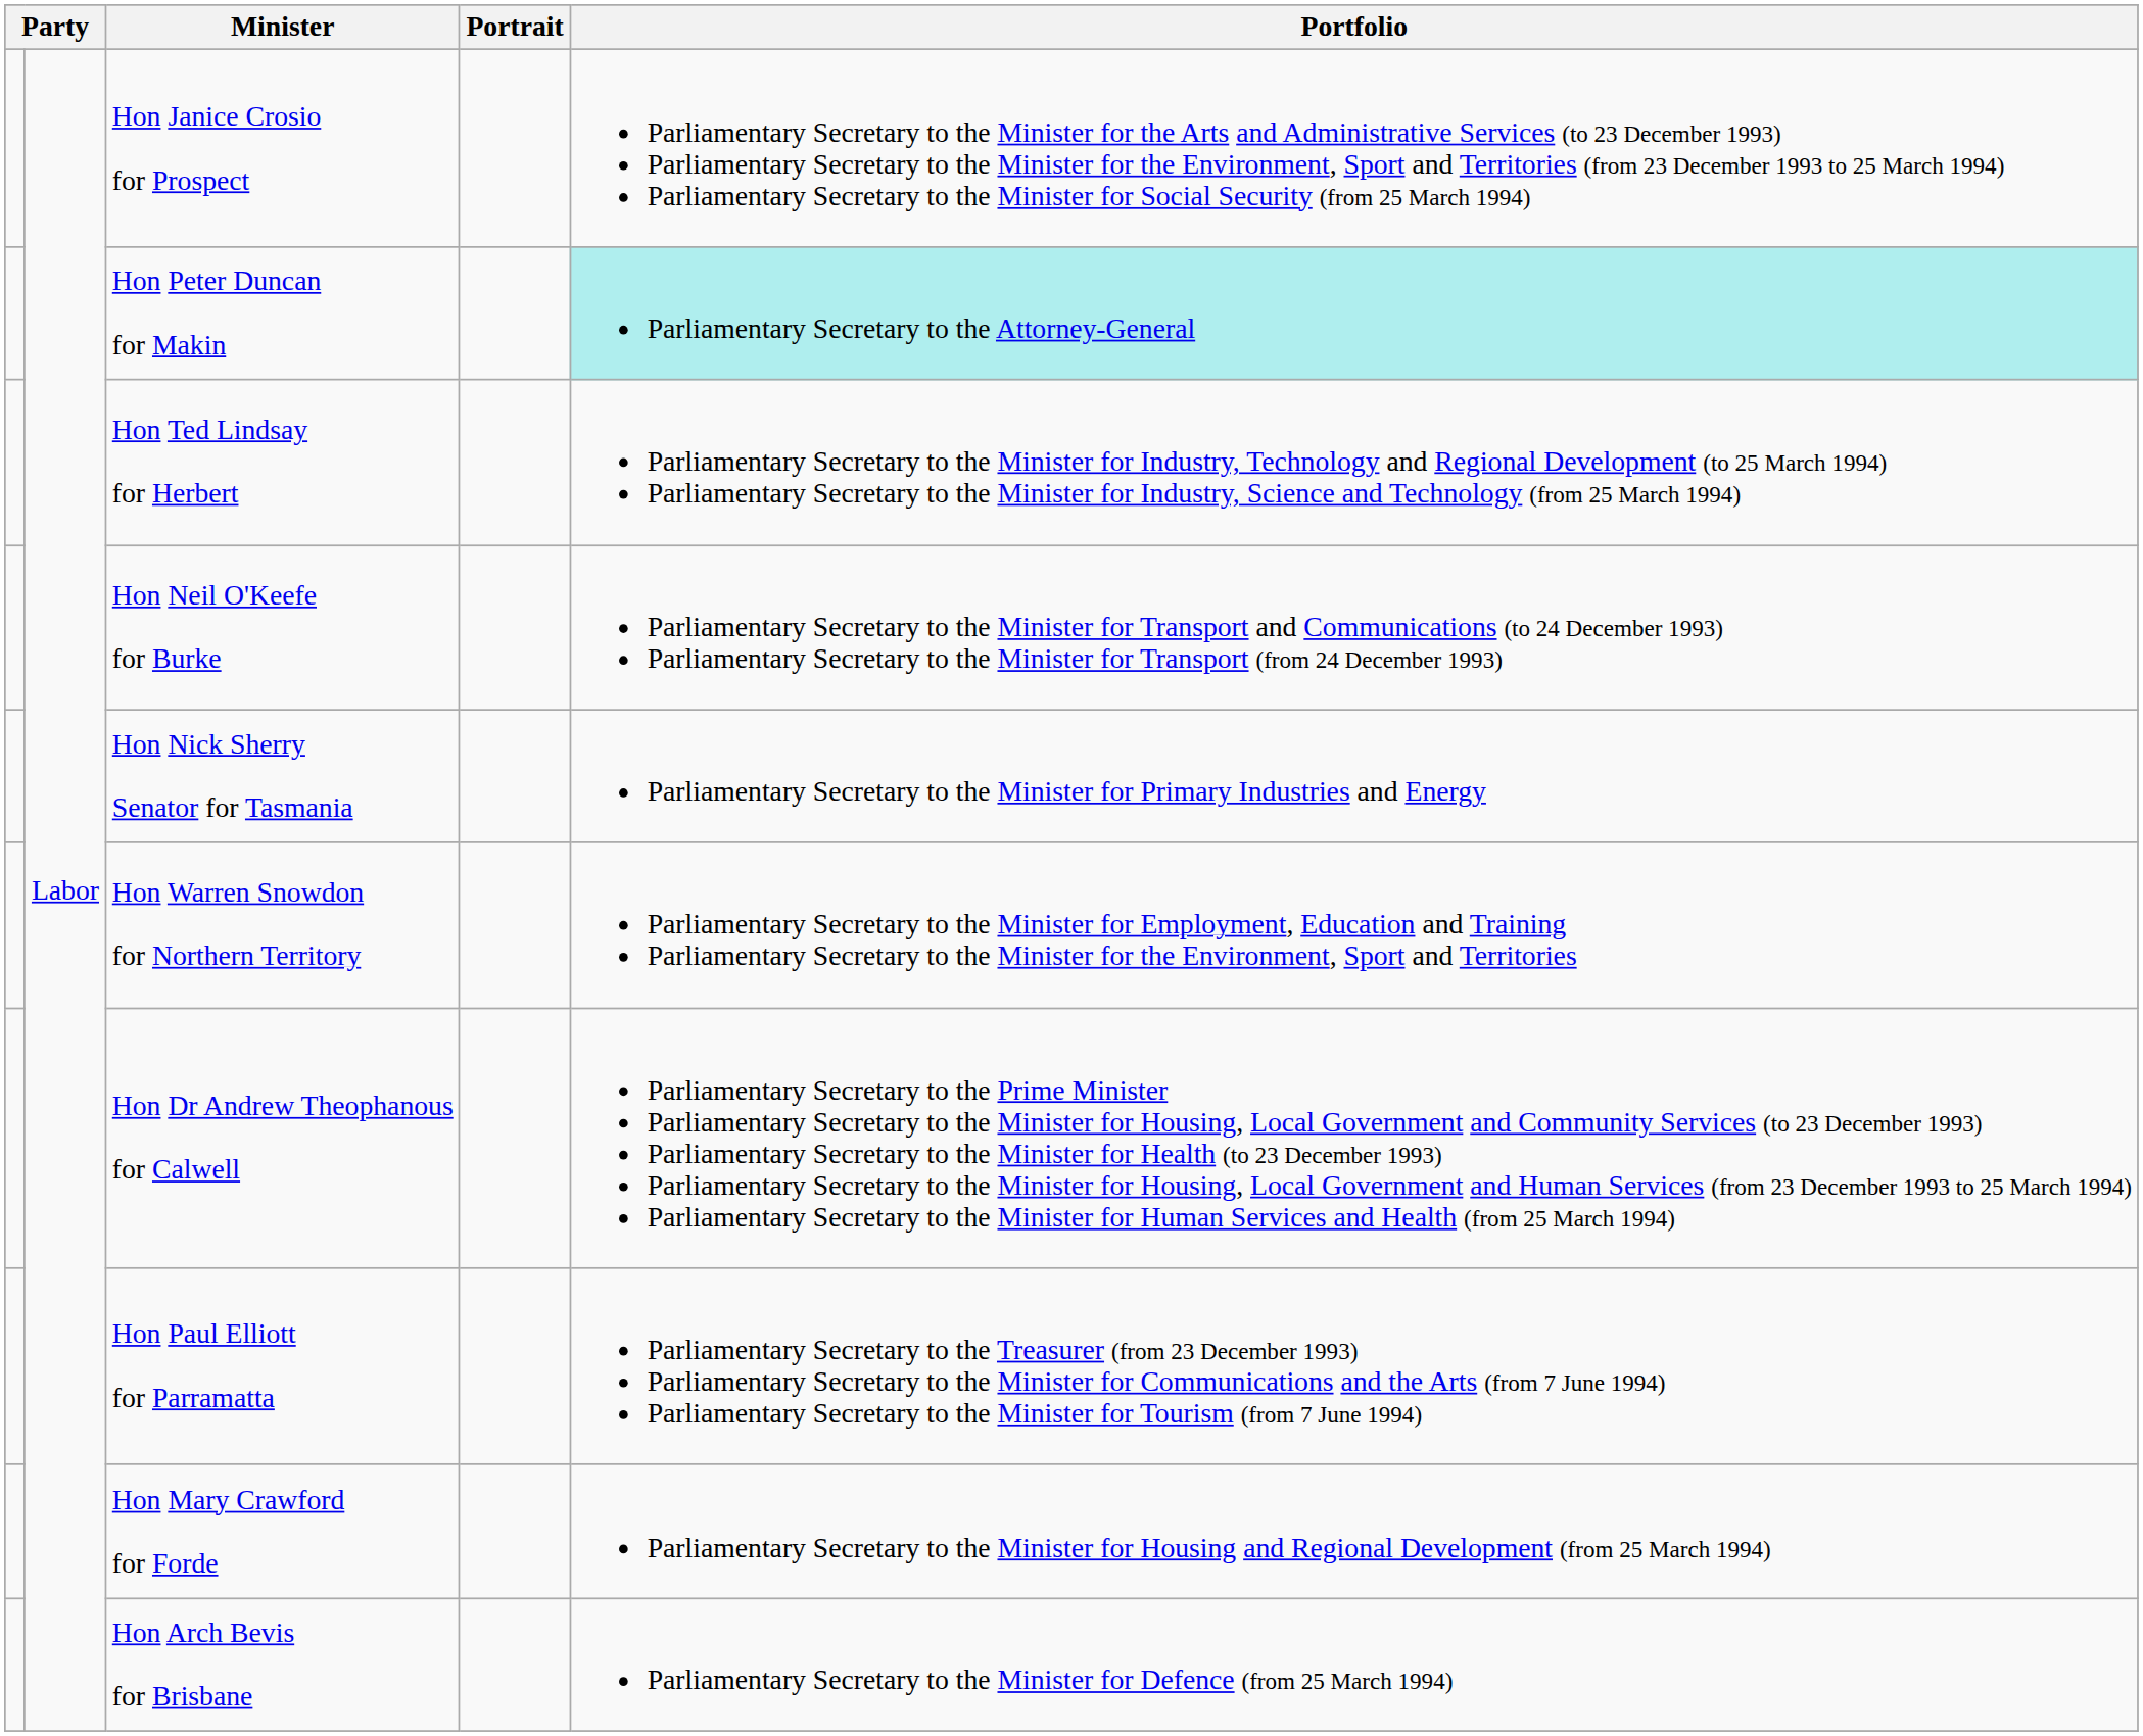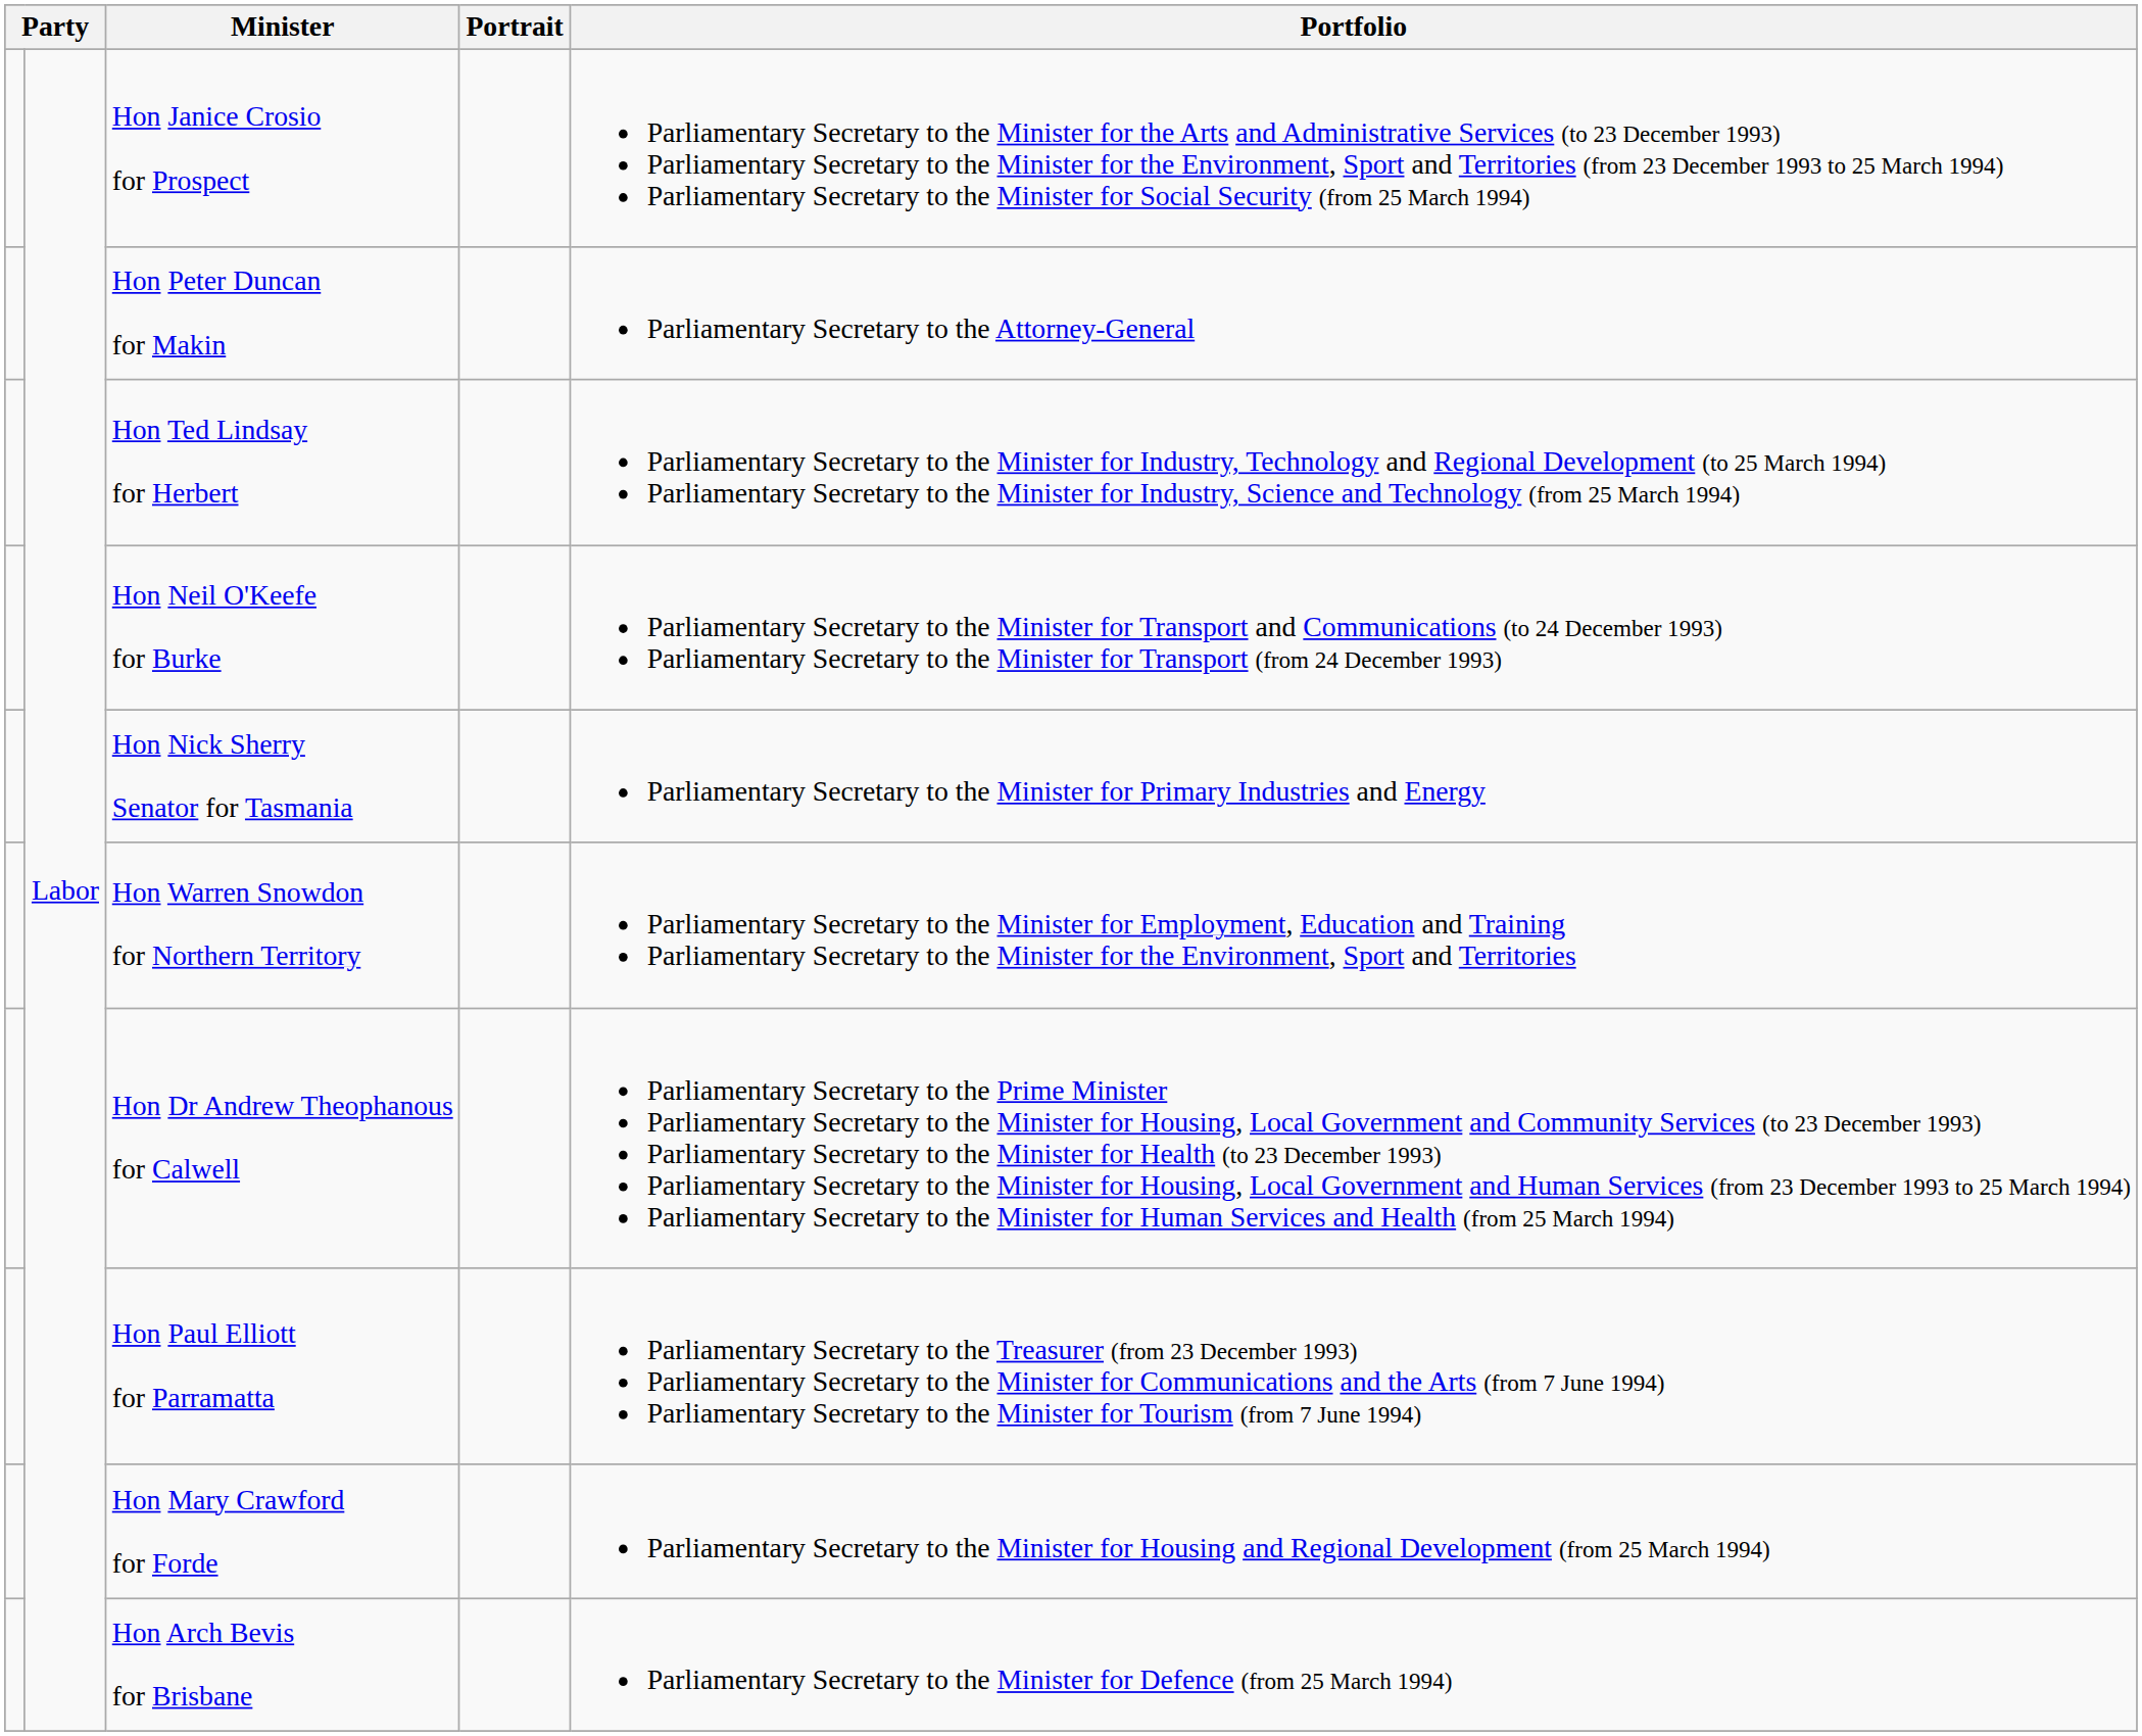 <table class="wikitable sortable">
 <tr>
 <th colspan="2">Party</th>
 <th>Minister</th>
 <th>Portrait</th>
 <th>Portfolio</th>
 </tr>
 <tr>
 <td> </td>
 <td rowspan=10><a href='#'>Labor</a></td>
 <td><a href='#'>Hon</a> <a href='#'>Janice Crosio</a>  <br><br> for <a href='#'>Prospect</a> <br></td>
 <td></td>
 <td><br><ul><li>Parliamentary Secretary to the <a href='#'>Minister for the Arts</a> <a href='#'>and Administrative Services</a> <small>(to 23 December 1993)</small></li><li>Parliamentary Secretary to the <a href='#'>Minister for the Environment</a>, <a href='#'>Sport</a> and <a href='#'>Territories</a> <small>(from 23 December 1993 to 25 March 1994)</small></li><li>Parliamentary Secretary to the <a href='#'>Minister for Social Security</a> <small>(from 25 March 1994)</small></li></ul></td>
 </tr>
 <tr>
 <td> </td>
 <td><a href='#'>Hon</a> <a href='#'>Peter Duncan</a> <br><br> for <a href='#'>Makin</a> <br></td>
 <td></td>
-<td style="background: paleturquoise;"><br><ul><li>Parliamentary Secretary to the <a href='#'>Attorney-General</a></li></ul></td>
+<td><br><ul><li>Parliamentary Secretary to the <a href='#'>Attorney-General</a></li></ul></td>
 </tr>
 <tr>
 <td> </td>
 <td><a href='#'>Hon</a> <a href='#'>Ted Lindsay</a> <br><br> for <a href='#'>Herbert</a> <br></td>
 <td></td>
 <td><br><ul><li>Parliamentary Secretary to the <a href='#'>Minister for Industry, Technology</a> and <a href='#'>Regional Development</a> <small>(to 25 March 1994)</small></li><li>Parliamentary Secretary to the <a href='#'>Minister for Industry, Science and Technology</a> <small>(from 25 March 1994)</small></li></ul></td>
 </tr>
 <tr>
 <td> </td>
 <td><a href='#'>Hon</a> <a href='#'>Neil O'Keefe</a> <br><br> for <a href='#'>Burke</a> <br></td>
 <td></td>
 <td><br><ul><li>Parliamentary Secretary to the <a href='#'>Minister for Transport</a> and <a href='#'>Communications</a> <small>(to 24 December 1993)</small></li><li>Parliamentary Secretary to the <a href='#'>Minister for Transport</a> <small>(from 24 December 1993)</small></li></ul></td>
 </tr>
 <tr>
 <td> </td>
 <td><a href='#'>Hon</a> <a href='#'>Nick Sherry</a> <br><br><a href='#'>Senator</a> for <a href='#'>Tasmania</a> <br></td>
 <td></td>
 <td><br><ul><li>Parliamentary Secretary to the <a href='#'>Minister for Primary Industries</a> and <a href='#'>Energy</a></li></ul></td>
 </tr>
 <tr>
 <td> </td>
 <td><a href='#'>Hon</a> <a href='#'>Warren Snowdon</a> <br><br> for <a href='#'>Northern Territory</a> <br></td>
 <td></td>
 <td><br><ul><li>Parliamentary Secretary to the <a href='#'>Minister for Employment</a>, <a href='#'>Education</a> and <a href='#'>Training</a></li><li>Parliamentary Secretary to the <a href='#'>Minister for the Environment</a>, <a href='#'>Sport</a> and <a href='#'>Territories</a></li></ul></td>
 </tr>
 <tr>
 <td> </td>
 <td><a href='#'>Hon</a> <a href='#'>Dr Andrew Theophanous</a> <br><br> for <a href='#'>Calwell</a> <br></td>
 <td></td>
 <td><br><ul><li>Parliamentary Secretary to the <a href='#'>Prime Minister</a></li><li>Parliamentary Secretary to the <a href='#'>Minister for Housing</a>, <a href='#'>Local Government</a> <a href='#'>and Community Services</a> <small>(to 23 December 1993)</small></li><li>Parliamentary Secretary to the <a href='#'>Minister for Health</a> <small>(to 23 December 1993)</small></li><li>Parliamentary Secretary to the <a href='#'>Minister for Housing</a>, <a href='#'>Local Government</a> <a href='#'>and Human Services</a> <small>(from 23 December 1993 to 25 March 1994)</small></li><li>Parliamentary Secretary to the <a href='#'>Minister for Human Services and Health</a> <small>(from 25 March 1994)</small></li></ul></td>
 </tr>
 <tr>
 <td> </td>
 <td><a href='#'>Hon</a> <a href='#'>Paul Elliott</a> <br><br> for <a href='#'>Parramatta</a> <br></td>
 <td></td>
 <td><br><ul><li>Parliamentary Secretary to the <a href='#'>Treasurer</a> <small>(from 23 December 1993)</small></li><li>Parliamentary Secretary to the <a href='#'>Minister for Communications</a> <a href='#'>and the Arts</a> <small>(from 7 June 1994)</small></li><li>Parliamentary Secretary to the <a href='#'>Minister for Tourism</a> <small>(from 7 June 1994)</small></li></ul></td>
 </tr>
 <tr>
 <td> </td>
 <td><a href='#'>Hon</a> <a href='#'>Mary Crawford</a> <br><br> for <a href='#'>Forde</a> <br></td>
 <td></td>
 <td><br><ul><li>Parliamentary Secretary to the <a href='#'>Minister for Housing</a> <a href='#'>and Regional Development</a> <small>(from 25 March 1994)</small></li></ul></td>
 </tr>
 <tr>
 <td> </td>
 <td><a href='#'>Hon</a> <a href='#'>Arch Bevis</a> <br><br> for <a href='#'>Brisbane</a> <br></td>
 <td></td>
 <td><br><ul><li>Parliamentary Secretary to the <a href='#'>Minister for Defence</a> <small>(from 25 March 1994)</small></li></ul></td>
 </tr>
 </table>
